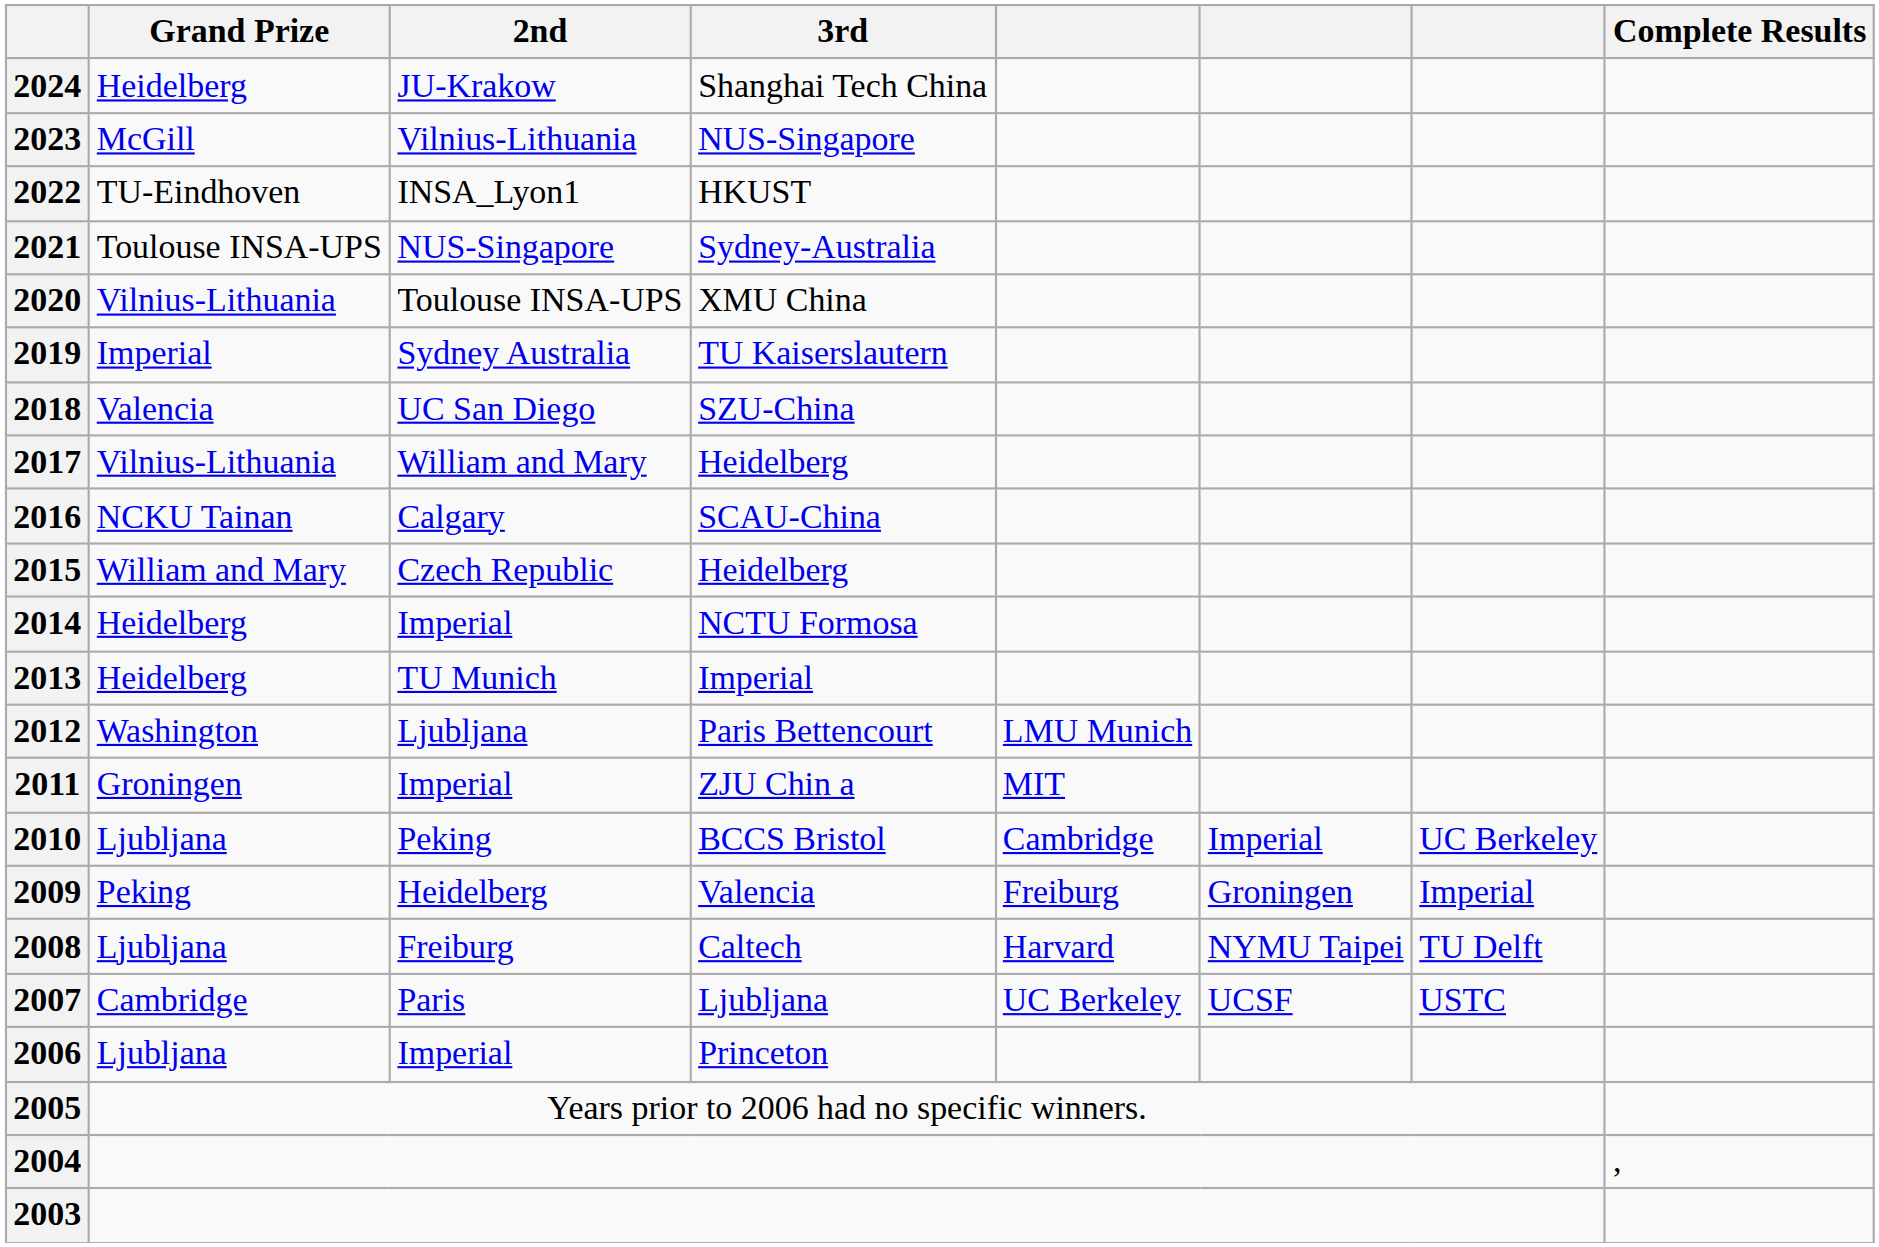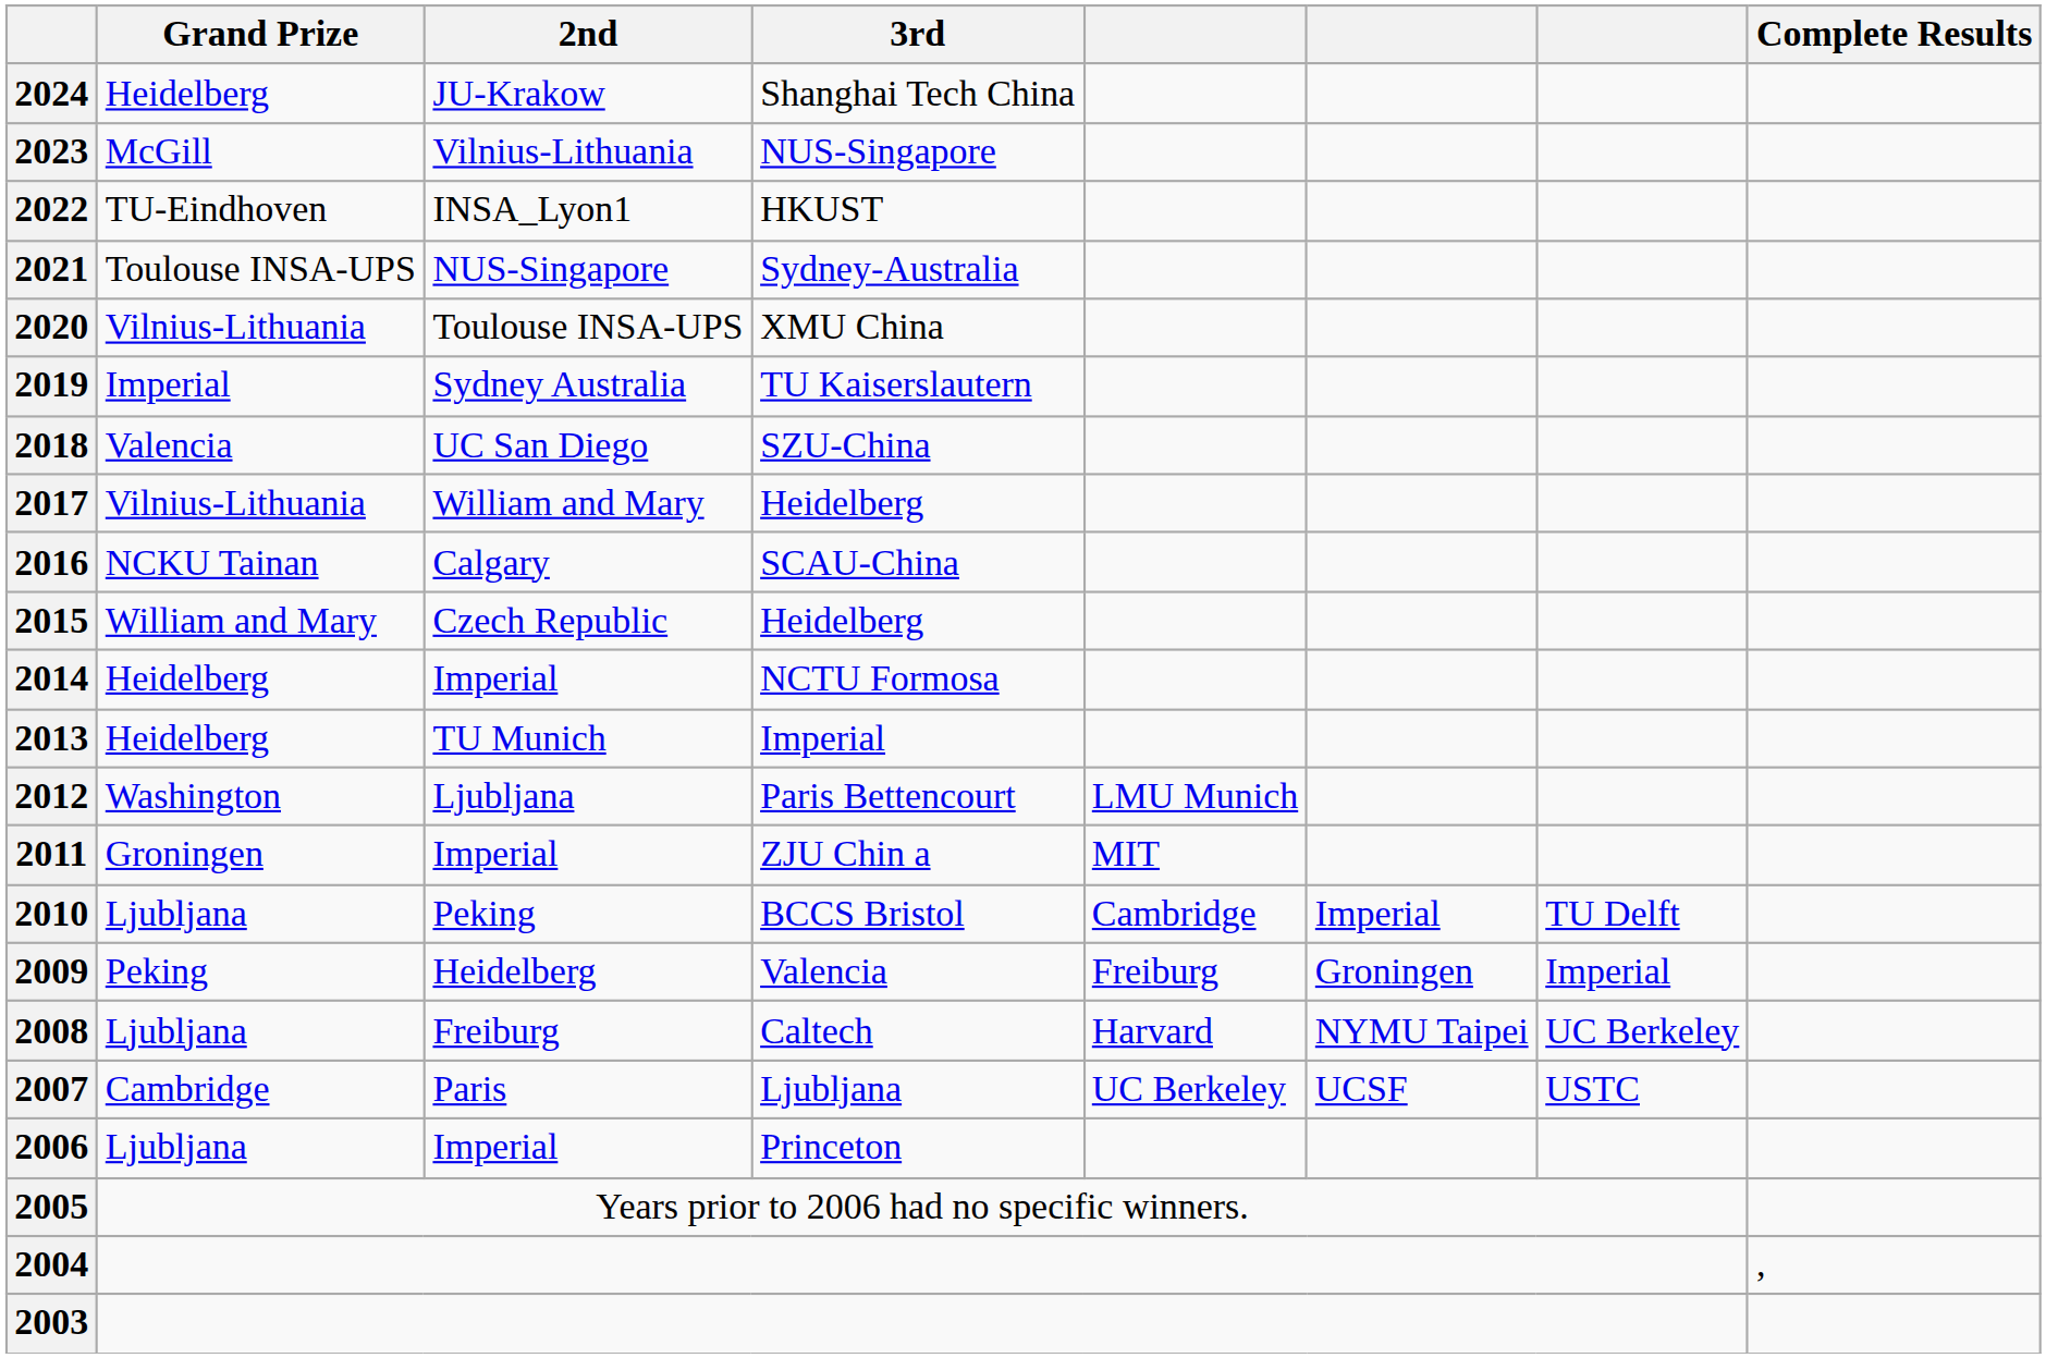 <table class="wikitable" style="margin:1em auto;">
 <tr>
 <th></th>
 <th>Grand Prize</th>
 <th>2nd</th>
 <th>3rd</th>
 <th></th>
 <th></th>
 <th></th>
 <th>Complete Results</th>
 </tr>
 <tr>
 <th>2024</th>
 <td><a href='#'>Heidelberg</a> </td>
 <td><a href='#'>JU-Krakow</a> </td>
 <td>Shanghai Tech China </td>
 <td></td>
 <td></td>
 <td></td>
 <td></td>
 </tr>
 <tr>
 <th>2023</th>
 <td><a href='#'>McGill</a> </td>
 <td><a href='#'>Vilnius-Lithuania</a> </td>
 <td><a href='#'>NUS-Singapore</a> </td>
 <td></td>
 <td></td>
 <td></td>
 <td></td>
 </tr>
 <tr>
 <th>2022</th>
 <td>TU-Eindhoven </td>
 <td>INSA_Lyon1 </td>
 <td>HKUST </td>
 <td></td>
 <td></td>
 <td></td>
 <td></td>
 </tr>
 <tr>
 <th>2021</th>
 <td>Toulouse INSA-UPS </td>
 <td><a href='#'>NUS-Singapore</a> </td>
 <td><a href='#'>Sydney-Australia</a> </td>
 <td></td>
 <td></td>
 <td></td>
 <td></td>
 </tr>
 <tr>
 <th>2020</th>
 <td><a href='#'>Vilnius-Lithuania</a> </td>
 <td>Toulouse INSA-UPS </td>
 <td>XMU China </td>
 <td></td>
 <td></td>
 <td></td>
 <td></td>
 </tr>
 <tr>
 <th>2019</th>
 <td><a href='#'>Imperial</a> </td>
 <td><a href='#'>Sydney Australia</a> </td>
 <td><a href='#'>TU Kaiserslautern</a> </td>
 <td></td>
 <td></td>
 <td></td>
 <td></td>
 </tr>
 <tr>
 <th>2018</th>
 <td><a href='#'>Valencia</a> </td>
 <td><a href='#'>UC San Diego</a> </td>
 <td><a href='#'>SZU-China</a> </td>
 <td></td>
 <td></td>
 <td></td>
 <td></td>
 </tr>
 <tr>
 <th>2017</th>
 <td><a href='#'>Vilnius-Lithuania</a> </td>
 <td><a href='#'>William and Mary</a> </td>
 <td><a href='#'>Heidelberg</a> </td>
 <td></td>
 <td></td>
 <td></td>
 <td></td>
 </tr>
 <tr>
 <th>2016</th>
 <td><a href='#'>NCKU Tainan</a> </td>
 <td><a href='#'>Calgary</a> </td>
 <td><a href='#'>SCAU-China</a> </td>
 <td></td>
 <td></td>
 <td></td>
 <td></td>
 </tr>
 <tr>
 <th>2015</th>
 <td><a href='#'>William and Mary</a> </td>
 <td><a href='#'>Czech Republic</a> </td>
 <td><a href='#'>Heidelberg</a> </td>
 <td></td>
 <td></td>
 <td></td>
 <td></td>
 </tr>
 <tr>
 <th>2014</th>
 <td><a href='#'>Heidelberg</a> </td>
 <td><a href='#'>Imperial</a> </td>
 <td><a href='#'>NCTU Formosa</a> </td>
 <td></td>
 <td></td>
 <td></td>
 <td></td>
 </tr>
 <tr>
 <th>2013</th>
 <td><a href='#'>Heidelberg</a> </td>
 <td><a href='#'>TU Munich</a> </td>
 <td><a href='#'>Imperial</a> </td>
 <td></td>
 <td></td>
 <td></td>
 <td></td>
 </tr>
 <tr>
 <th>2012</th>
 <td><a href='#'>Washington</a> </td>
 <td><a href='#'>Ljubljana</a> </td>
 <td><a href='#'>Paris Bettencourt</a> </td>
 <td><a href='#'>LMU Munich</a> </td>
 <td></td>
 <td></td>
 <td></td>
 </tr>
 <tr>
 <th>2011</th>
 <td><a href='#'>Groningen</a> </td>
 <td><a href='#'>Imperial</a> </td>
 <td><a href='#'>ZJU Chin a</a> </td>
 <td><a href='#'>MIT</a> </td>
 <td></td>
 <td></td>
 <td> </td>
 </tr>
 <tr>
 <th>2010</th>
 <td><a href='#'>Ljubljana</a> </td>
 <td><a href='#'>Peking</a>  </td>
 <td><a href='#'>BCCS Bristol</a> </td>
 <td><a href='#'>Cambridge</a> </td>
 <td><a href='#'>Imperial</a> </td>
-<td><a href='#'>UC Berkeley</a> </td>
+<td><a href='#'>TU Delft</a> </td>
 <td> </td>
 </tr>
 <tr>
 <th>2009</th>
 <td><a href='#'>Peking</a> </td>
 <td><a href='#'>Heidelberg</a> </td>
 <td><a href='#'>Valencia</a> </td>
 <td><a href='#'>Freiburg</a> </td>
 <td><a href='#'>Groningen</a> </td>
 <td><a href='#'>Imperial</a> </td>
 <td> </td>
 </tr>
 <tr>
 <th>2008</th>
 <td><a href='#'>Ljubljana</a> </td>
 <td><a href='#'>Freiburg</a> </td>
 <td><a href='#'>Caltech</a> </td>
 <td><a href='#'>Harvard</a> </td>
 <td><a href='#'>NYMU Taipei</a> </td>
-<td><a href='#'>TU Delft</a> </td>
+<td><a href='#'>UC Berkeley</a> </td>
 <td></td>
 </tr>
 <tr>
 <th>2007</th>
 <td><a href='#'>Cambridge</a> </td>
 <td><a href='#'>Paris</a> </td>
 <td><a href='#'>Ljubljana</a> </td>
 <td><a href='#'>UC Berkeley</a> </td>
 <td><a href='#'>UCSF</a> </td>
 <td><a href='#'>USTC</a> </td>
 <td> </td>
 </tr>
 <tr>
 <th>2006</th>
 <td><a href='#'>Ljubljana</a> </td>
 <td><a href='#'>Imperial</a> </td>
 <td><a href='#'>Princeton</a> </td>
 <td></td>
 <td></td>
 <td></td>
 <td></td>
 </tr>
 <tr>
 <th>2005</th>
 <td colspan="6" style="text-align: center;">Years prior to 2006 had no specific winners.</td>
 <td></td>
 </tr>
 <tr>
 <th>2004</th>
 <td colspan="6"></td>
 <td>, </td>
 </tr>
 <tr>
 <th>2003</th>
 <td colspan="6"></td>
 <td></td>
 </tr>
 </table>
